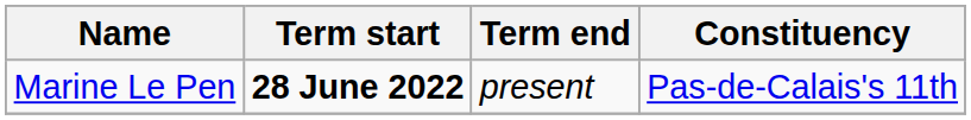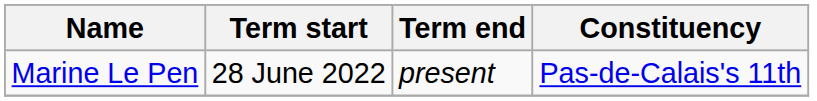 <table class="wikitable" style="font-size:95%;">
 <tr>
 <th>Name</th>
 <th>Term start</th>
 <th>Term end</th>
 <th>Constituency</th>
 </tr>
 <tr>
 <td><a href='#'>Marine Le Pen</a></td>
-<td><strong>28 June 2022</strong></td>
+<td>28 June 2022</td>
 <td><em>present</em></td>
 <td><a href='#'>Pas-de-Calais's 11th</a></td>
 </tr>
 <tr>
 </tr>
 </table>
